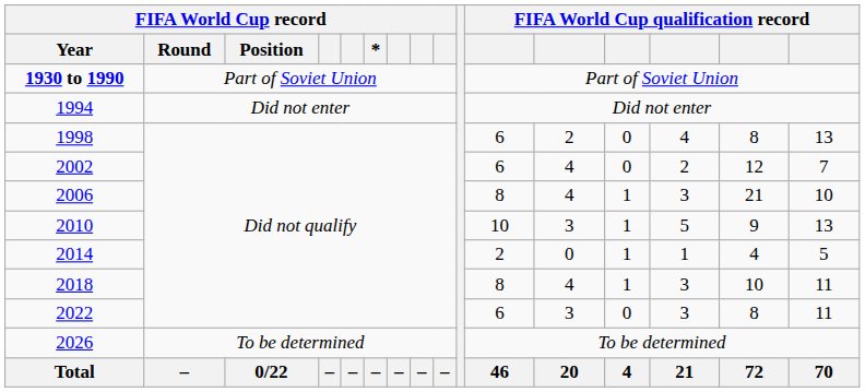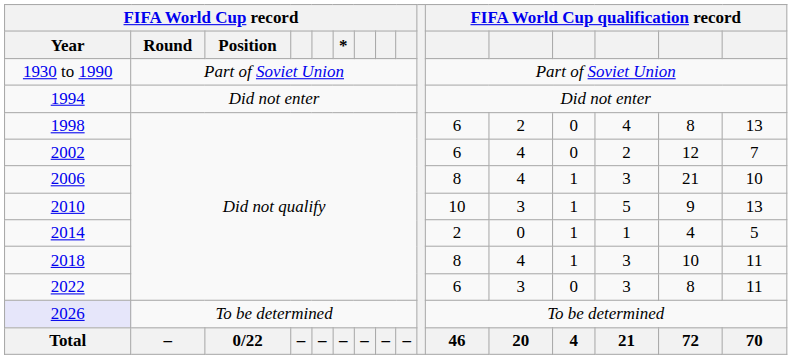 <table class="wikitable" style="text-align: center;">
 <tr>
 <th colspan=9><a href='#'>FIFA World Cup</a> record</th>
 <th width=1% rowspan=39></th>
 <th colspan=6><a href='#'>FIFA World Cup qualification</a> record</th>
 </tr>
 <tr>
 <th>Year</th>
 <th>Round</th>
 <th>Position</th>
 <th></th>
 <th></th>
 <th>*</th>
 <th></th>
 <th></th>
 <th></th>
 <th></th>
 <th></th>
 <th></th>
 <th></th>
 <th></th>
 <th></th>
 </tr>
 <tr>
-<td><strong> <a href='#'>1930</a> to  <a href='#'>1990</a></strong></td>
+<td> <a href='#'>1930</a> to  <a href='#'>1990</a></td>
 <td colspan=8><em>Part of  <a href='#'>Soviet Union</a></em></td>
 <td colspan=6><em>Part of  <a href='#'>Soviet Union</a></em></td>
 </tr>
 <tr>
 <td> <a href='#'>1994</a></td>
 <td colspan=8><em>Did not enter</em></td>
 <td colspan=6><em>Did not enter</em></td>
 </tr>
 <tr>
 <td> <a href='#'>1998</a></td>
 <td colspan=8 rowspan=7><em>Did not qualify</em></td>
 <td>6</td>
 <td>2</td>
 <td>0</td>
 <td>4</td>
 <td>8</td>
 <td>13</td>
 </tr>
 <tr>
 <td>  <a href='#'>2002</a></td>
 <td>6</td>
 <td>4</td>
 <td>0</td>
 <td>2</td>
 <td>12</td>
 <td>7</td>
 </tr>
 <tr>
 <td> <a href='#'>2006</a></td>
 <td>8</td>
 <td>4</td>
 <td>1</td>
 <td>3</td>
 <td>21</td>
 <td>10</td>
 </tr>
 <tr>
 <td> <a href='#'>2010</a></td>
 <td>10</td>
 <td>3</td>
 <td>1</td>
 <td>5</td>
 <td>9</td>
 <td>13</td>
 </tr>
 <tr>
 <td> <a href='#'>2014</a></td>
 <td>2</td>
 <td>0</td>
 <td>1</td>
 <td>1</td>
 <td>4</td>
 <td>5</td>
 </tr>
 <tr>
 <td> <a href='#'>2018</a></td>
 <td>8</td>
 <td>4</td>
 <td>1</td>
 <td>3</td>
 <td>10</td>
 <td>11</td>
 </tr>
 <tr>
 <td> <a href='#'>2022</a></td>
 <td>6</td>
 <td>3</td>
 <td>0</td>
 <td>3</td>
 <td>8</td>
 <td>11</td>
 </tr>
 <tr>
-<td>   <a href='#'>2026</a></td>
+<td style="background: lavender;">   <a href='#'>2026</a></td>
 <td colspan=8><em>To be determined</em></td>
 <td colspan=6><em>To be determined</em></td>
 </tr>
 <tr>
 <th><strong>Total</strong></th>
 <th>–</th>
 <th><strong>0/22</strong></th>
 <th>–</th>
 <th>–</th>
 <th>–</th>
 <th>–</th>
 <th>–</th>
 <th>–</th>
 <th>46</th>
 <th>20</th>
 <th>4</th>
 <th>21</th>
 <th>72</th>
 <th>70</th>
 </tr>
 </table>
